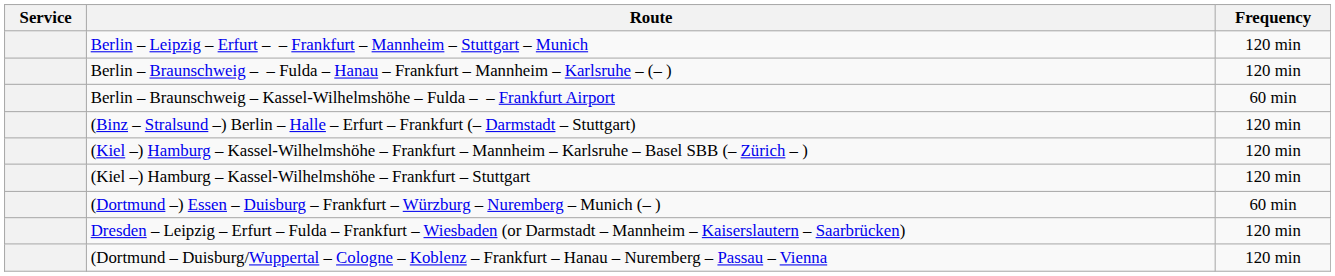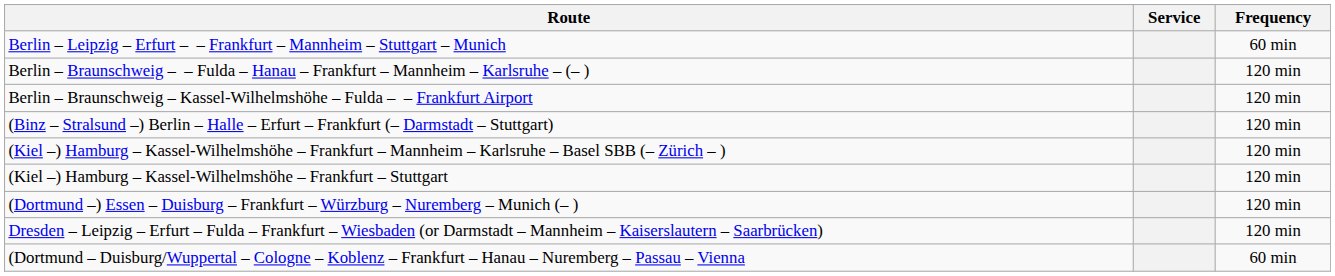 <table class="wikitable" style="text-align:center; width:100%;">
 <tr>
+<th>Route</th>
 <th>Service</th>
-<th>Route</th>
 <th>Frequency</th>
 </tr>
 <tr>
+<td style="text-align:left;"><a href='#'>Berlin</a> – <a href='#'>Leipzig</a> – <a href='#'>Erfurt</a> –  – <a href='#'>Frankfurt</a> – <a href='#'>Mannheim</a> – <a href='#'>Stuttgart</a> – <a href='#'>Munich</a></td>
 <th></th>
-<td style="text-align:left;"><a href='#'>Berlin</a> – <a href='#'>Leipzig</a> – <a href='#'>Erfurt</a> –  – <a href='#'>Frankfurt</a> – <a href='#'>Mannheim</a> – <a href='#'>Stuttgart</a> – <a href='#'>Munich</a></td>
+<td>60 min</td>
+</tr>
+<tr>
+<td style="text-align:left;">Berlin – <a href='#'>Braunschweig</a> –  – Fulda – <a href='#'>Hanau</a> – Frankfurt – Mannheim – <a href='#'>Karlsruhe</a> –  (– )</td>
+<th></th>
 <td>120 min</td>
 </tr>
 <tr>
+<td style="text-align:left;">Berlin – Braunschweig – Kassel-Wilhelmshöhe – Fulda –  – <a href='#'>Frankfurt Airport</a></td>
 <th></th>
-<td style="text-align:left;">Berlin – <a href='#'>Braunschweig</a> –  – Fulda – <a href='#'>Hanau</a> – Frankfurt – Mannheim – <a href='#'>Karlsruhe</a> –  (– )</td>
 <td>120 min</td>
 </tr>
 <tr>
+<td style="text-align:left;">(<a href='#'>Binz</a> – <a href='#'>Stralsund</a> –) Berlin – <a href='#'>Halle</a> – Erfurt – Frankfurt (– <a href='#'>Darmstadt</a> – Stuttgart)</td>
 <th></th>
-<td style="text-align:left;">Berlin – Braunschweig – Kassel-Wilhelmshöhe – Fulda –  – <a href='#'>Frankfurt Airport</a></td>
-<td>60 min</td>
-</tr>
-<tr>
-<th></th>
-<td style="text-align:left;">(<a href='#'>Binz</a> – <a href='#'>Stralsund</a> –) Berlin – <a href='#'>Halle</a> – Erfurt – Frankfurt (– <a href='#'>Darmstadt</a> – Stuttgart)</td>
 <td>120 min</td>
 </tr>
 <tr>
+<td style="text-align:left;">(<a href='#'>Kiel</a> –) <a href='#'>Hamburg</a> – Kassel-Wilhelmshöhe – Frankfurt – Mannheim – Karlsruhe – Basel SBB (– <a href='#'>Zürich</a> – )</td>
 <th></th>
-<td style="text-align:left;">(<a href='#'>Kiel</a> –) <a href='#'>Hamburg</a> – Kassel-Wilhelmshöhe – Frankfurt – Mannheim – Karlsruhe – Basel SBB (– <a href='#'>Zürich</a> – )</td>
 <td>120 min</td>
 </tr>
 <tr>
+<td style="text-align:left;">(Kiel –) Hamburg – Kassel-Wilhelmshöhe – Frankfurt –  Stuttgart</td>
 <th></th>
-<td style="text-align:left;">(Kiel –) Hamburg – Kassel-Wilhelmshöhe – Frankfurt –  Stuttgart</td>
 <td>120 min</td>
 </tr>
 <tr>
+<td style="text-align:left;">(<a href='#'>Dortmund</a> –) <a href='#'>Essen</a> – <a href='#'>Duisburg</a> –   Frankfurt – <a href='#'>Würzburg</a> – <a href='#'>Nuremberg</a> – Munich (– )</td>
 <th></th>
-<td style="text-align:left;">(<a href='#'>Dortmund</a> –) <a href='#'>Essen</a> – <a href='#'>Duisburg</a> –   Frankfurt – <a href='#'>Würzburg</a> – <a href='#'>Nuremberg</a> – Munich (– )</td>
-<td>60 min</td>
-</tr>
-<tr>
-<th></th>
-<td style="text-align:left;"><a href='#'>Dresden</a> – Leipzig – Erfurt –  Fulda – Frankfurt –  <a href='#'>Wiesbaden</a> (or Darmstadt – Mannheim – <a href='#'>Kaiserslautern</a> – <a href='#'>Saarbrücken</a>)</td>
 <td>120 min</td>
 </tr>
 <tr>
+<td style="text-align:left;"><a href='#'>Dresden</a> – Leipzig – Erfurt –  Fulda – Frankfurt –  <a href='#'>Wiesbaden</a> (or Darmstadt – Mannheim – <a href='#'>Kaiserslautern</a> – <a href='#'>Saarbrücken</a>)</td>
 <th></th>
-<td style="text-align:left;">(Dortmund – Duisburg/<a href='#'>Wuppertal</a> – <a href='#'>Cologne</a> – <a href='#'>Koblenz</a> –  Frankfurt – Hanau – Nuremberg – <a href='#'>Passau</a> – <a href='#'>Vienna</a></td>
 <td>120 min</td>
 </tr>
+<tr>
+<td style="text-align:left;">(Dortmund – Duisburg/<a href='#'>Wuppertal</a> – <a href='#'>Cologne</a> – <a href='#'>Koblenz</a> –  Frankfurt – Hanau – Nuremberg – <a href='#'>Passau</a> – <a href='#'>Vienna</a></td>
+<th></th>
+<td>60 min</td>
+</tr>
 </table>
